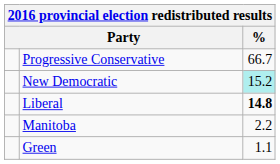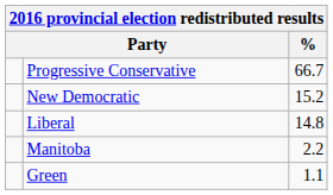 <table class="wikitable">
 <tr>
 <th colspan="4"><a href='#'>2016 provincial election</a> redistributed results</th>
 </tr>
 <tr>
 <th bgcolor="#DDDDFF" width="130px" colspan="2">Party</th>
 <th bgcolor="#DDDDFF" width="30px">%</th>
 </tr>
 <tr>
 <td> </td>
 <td><a href='#'>Progressive Conservative</a></td>
 <td align=right>66.7</td>
 </tr>
 <tr>
 <td> </td>
 <td><a href='#'>New Democratic</a></td>
-<td align=right style="background: paleturquoise;">15.2</td>
+<td align=right>15.2</td>
 </tr>
 <tr>
 <td> </td>
 <td><a href='#'>Liberal</a></td>
-<td align=right><strong>14.8</strong></td>
+<td align=right>14.8</td>
 </tr>
 <tr>
 <td> </td>
 <td><a href='#'>Manitoba</a></td>
 <td align=right>2.2</td>
 </tr>
 <tr>
 <td> </td>
 <td><a href='#'>Green</a></td>
 <td align=right>1.1</td>
 </tr>
 </table>
